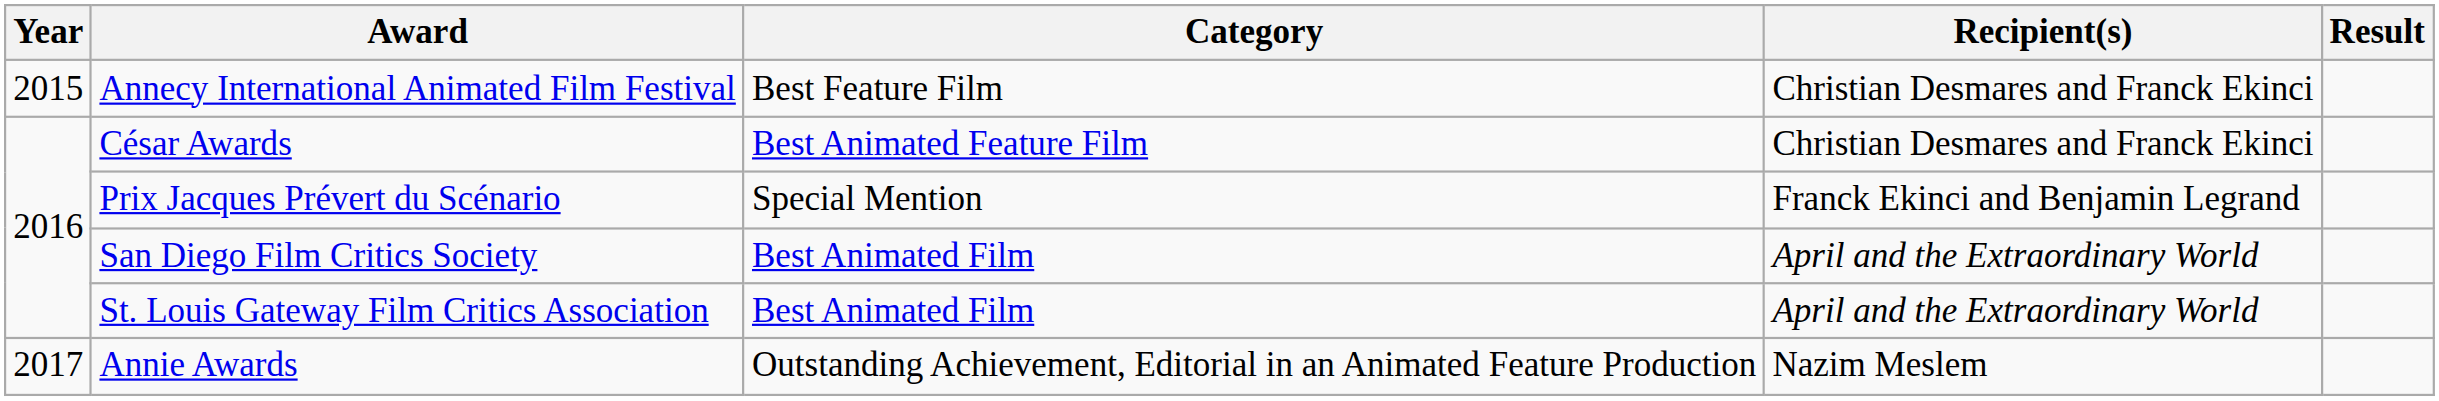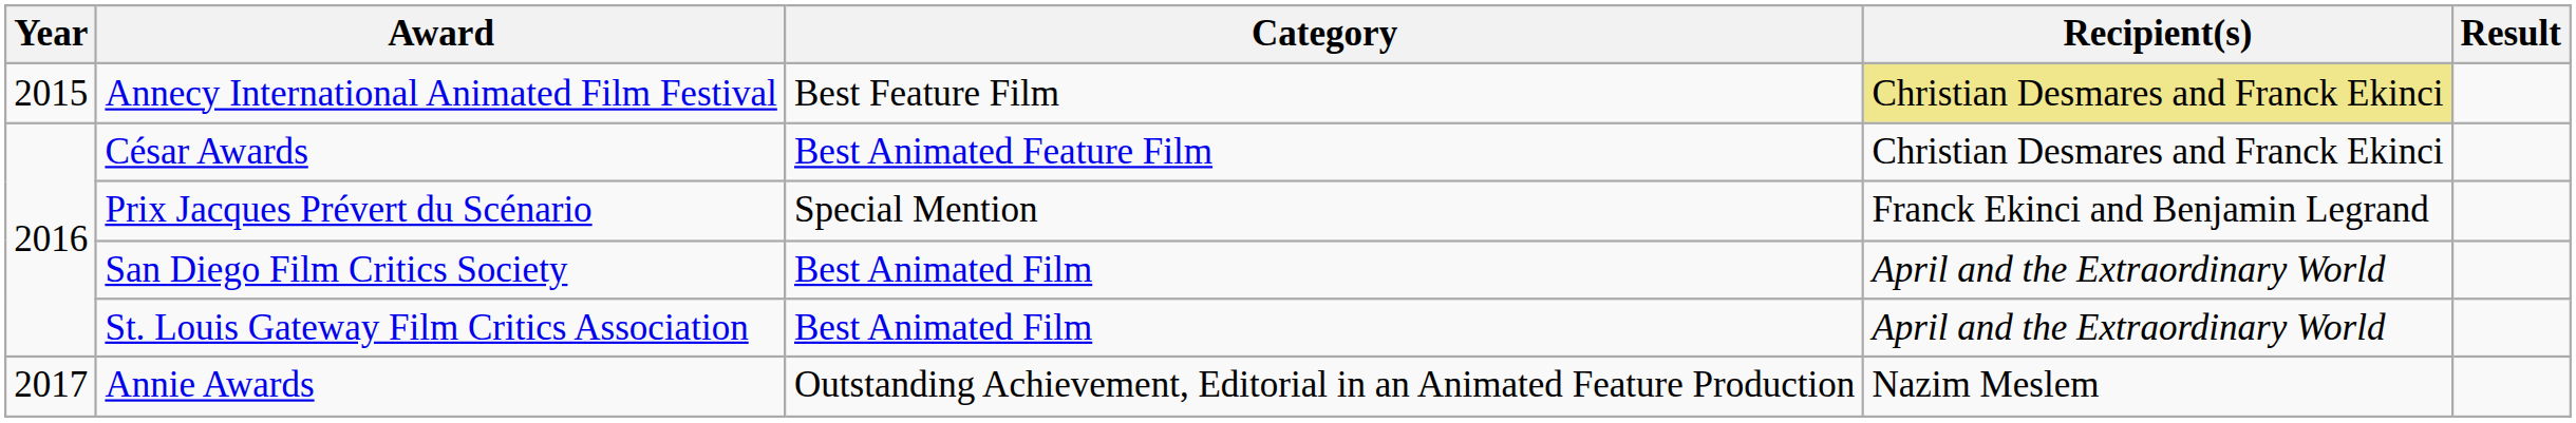 <table class="wikitable">
 <tr>
 <th>Year</th>
 <th>Award</th>
 <th>Category</th>
 <th>Recipient(s)</th>
 <th>Result</th>
 </tr>
 <tr>
 <td>2015</td>
 <td><a href='#'>Annecy International Animated Film Festival</a></td>
 <td>Best Feature Film</td>
-<td>Christian Desmares and Franck Ekinci</td>
+<td style="background: khaki;">Christian Desmares and Franck Ekinci</td>
 <td></td>
 </tr>
 <tr>
 <td rowspan="4">2016</td>
 <td><a href='#'>César Awards</a></td>
 <td><a href='#'>Best Animated Feature Film</a></td>
 <td>Christian Desmares and Franck Ekinci</td>
 <td></td>
 </tr>
 <tr>
 <td><a href='#'>Prix Jacques Prévert du Scénario</a></td>
 <td>Special Mention</td>
 <td>Franck Ekinci and Benjamin Legrand</td>
 <td></td>
 </tr>
 <tr>
 <td><a href='#'>San Diego Film Critics Society</a></td>
 <td><a href='#'>Best Animated Film</a></td>
 <td><em>April and the Extraordinary World</em></td>
 <td></td>
 </tr>
 <tr>
 <td><a href='#'>St. Louis Gateway Film Critics Association</a></td>
 <td><a href='#'>Best Animated Film</a></td>
 <td><em>April and the Extraordinary World</em></td>
 <td></td>
 </tr>
 <tr>
 <td>2017</td>
 <td><a href='#'>Annie Awards</a></td>
 <td>Outstanding Achievement, Editorial in an Animated Feature Production</td>
 <td>Nazim Meslem</td>
 <td></td>
 </tr>
 </table>
